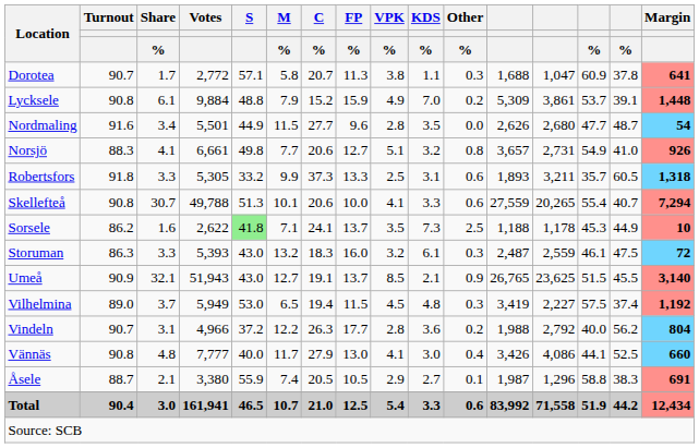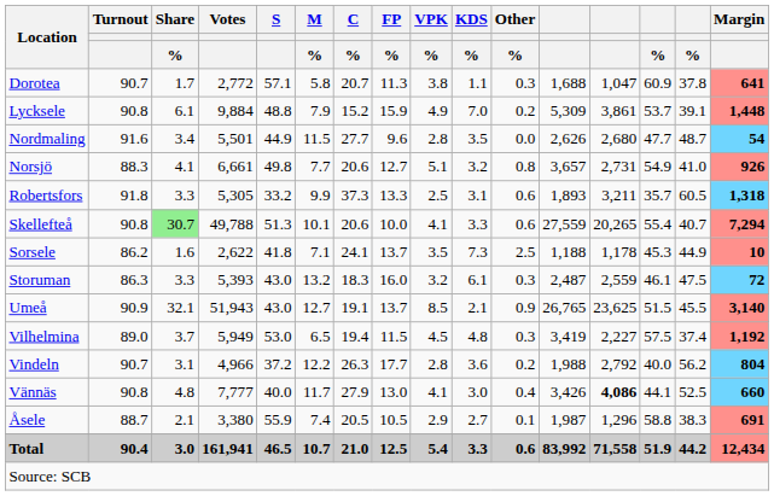 <table class="wikitable sortable" style="text-align:right; font-size:95%; line-height:20px;">
 <tr>
 <th rowspan="3">Location</th>
 <th>Turnout</th>
 <th>Share</th>
 <th>Votes</th>
 <th width="30px" class="unsortable"><a href='#'>S</a></th>
 <th width="30px" class="unsortable"><a href='#'>M</a></th>
 <th width="30px" class="unsortable"><a href='#'>C</a></th>
 <th width="30px" class="unsortable"><a href='#'>FP</a></th>
 <th width="30px" class="unsortable"><a href='#'>VPK</a></th>
 <th width="30px" class="unsortable"><a href='#'>KDS</a></th>
 <th width="30px" class="unsortable">Other</th>
 <th></th>
 <th></th>
 <th></th>
 <th></th>
 <th>Margin</th>
 </tr>
 <tr>
 <th></th>
 <th></th>
 <th></th>
 <th style="background:"></th>
 <th style="background:"></th>
 <th style="background:"></th>
 <th style="background:"></th>
 <th style="background:"></th>
 <th style="background:"></th>
 <th style="background:"></th>
 <th style="background:"></th>
 <th style="background:"></th>
 <th style="background:"></th>
 <th style="background:"></th>
 <th></th>
 </tr>
 <tr>
 <th></th>
 <th data-sort-type="number">%</th>
 <th data-sort-type="number"></th>
 <th></th>
 <th data-sort-type="number">%</th>
 <th data-sort-type="number">%</th>
 <th data-sort-type="number">%</th>
 <th data-sort-type="number">%</th>
 <th data-sort-type="number">%</th>
 <th data-sort-type="number">%</th>
 <th data-sort-type="number"></th>
 <th data-sort-type="number"></th>
 <th data-sort-type="number">%</th>
 <th data-sort-type="number">%</th>
 <th data-sort-type="number"></th>
 </tr>
 <tr>
 <td align=left><a href='#'>Dorotea</a></td>
 <td>90.7</td>
 <td>1.7</td>
 <td>2,772</td>
 <td>57.1</td>
 <td>5.8</td>
 <td>20.7</td>
 <td>11.3</td>
 <td>3.8</td>
 <td>1.1</td>
 <td>0.3</td>
 <td>1,688</td>
 <td>1,047</td>
 <td>60.9</td>
 <td>37.8</td>
 <td bgcolor=#ff908c><strong>641</strong></td>
 </tr>
 <tr>
 <td align=left><a href='#'>Lycksele</a></td>
 <td>90.8</td>
 <td>6.1</td>
 <td>9,884</td>
 <td>48.8</td>
 <td>7.9</td>
 <td>15.2</td>
 <td>15.9</td>
 <td>4.9</td>
 <td>7.0</td>
 <td>0.2</td>
 <td>5,309</td>
 <td>3,861</td>
 <td>53.7</td>
 <td>39.1</td>
 <td bgcolor=#ff908c><strong>1,448</strong></td>
 </tr>
 <tr>
 <td align=left><a href='#'>Nordmaling</a></td>
 <td>91.6</td>
 <td>3.4</td>
 <td>5,501</td>
 <td>44.9</td>
 <td>11.5</td>
 <td>27.7</td>
 <td>9.6</td>
 <td>2.8</td>
 <td>3.5</td>
 <td>0.0</td>
 <td>2,626</td>
 <td>2,680</td>
 <td>47.7</td>
 <td>48.7</td>
 <td bgcolor=#6fd5fe><strong>54</strong></td>
 </tr>
 <tr>
 <td align=left><a href='#'>Norsjö</a></td>
 <td>88.3</td>
 <td>4.1</td>
 <td>6,661</td>
 <td>49.8</td>
 <td>7.7</td>
 <td>20.6</td>
 <td>12.7</td>
 <td>5.1</td>
 <td>3.2</td>
 <td>0.8</td>
 <td>3,657</td>
 <td>2,731</td>
 <td>54.9</td>
 <td>41.0</td>
 <td bgcolor=#ff908c><strong>926</strong></td>
 </tr>
 <tr>
 <td align=left><a href='#'>Robertsfors</a></td>
 <td>91.8</td>
 <td>3.3</td>
 <td>5,305</td>
 <td>33.2</td>
 <td>9.9</td>
 <td>37.3</td>
 <td>13.3</td>
 <td>2.5</td>
 <td>3.1</td>
 <td>0.6</td>
 <td>1,893</td>
 <td>3,211</td>
 <td>35.7</td>
 <td>60.5</td>
 <td bgcolor=#6fd5fe><strong>1,318</strong></td>
 </tr>
 <tr>
 <td align=left><a href='#'>Skellefteå</a></td>
 <td>90.8</td>
-<td>30.7</td>
+<td style="background: lightgreen;">30.7</td>
 <td>49,788</td>
 <td>51.3</td>
 <td>10.1</td>
 <td>20.6</td>
 <td>10.0</td>
 <td>4.1</td>
 <td>3.3</td>
 <td>0.6</td>
 <td>27,559</td>
 <td>20,265</td>
 <td>55.4</td>
 <td>40.7</td>
 <td bgcolor=#ff908c><strong>7,294</strong></td>
 </tr>
 <tr>
 <td align=left><a href='#'>Sorsele</a></td>
 <td>86.2</td>
 <td>1.6</td>
 <td>2,622</td>
-<td style="background: lightgreen;">41.8</td>
+<td>41.8</td>
 <td>7.1</td>
 <td>24.1</td>
 <td>13.7</td>
 <td>3.5</td>
 <td>7.3</td>
 <td>2.5</td>
 <td>1,188</td>
 <td>1,178</td>
 <td>45.3</td>
 <td>44.9</td>
 <td bgcolor=#ff908c><strong>10</strong></td>
 </tr>
 <tr>
 <td align=left><a href='#'>Storuman</a></td>
 <td>86.3</td>
 <td>3.3</td>
 <td>5,393</td>
 <td>43.0</td>
 <td>13.2</td>
 <td>18.3</td>
 <td>16.0</td>
 <td>3.2</td>
 <td>6.1</td>
 <td>0.3</td>
 <td>2,487</td>
 <td>2,559</td>
 <td>46.1</td>
 <td>47.5</td>
 <td bgcolor=#6fd5fe><strong>72</strong></td>
 </tr>
 <tr>
 <td align=left><a href='#'>Umeå</a></td>
 <td>90.9</td>
 <td>32.1</td>
 <td>51,943</td>
 <td>43.0</td>
 <td>12.7</td>
 <td>19.1</td>
 <td>13.7</td>
 <td>8.5</td>
 <td>2.1</td>
 <td>0.9</td>
 <td>26,765</td>
 <td>23,625</td>
 <td>51.5</td>
 <td>45.5</td>
 <td bgcolor=#ff908c><strong>3,140</strong></td>
 </tr>
 <tr>
 <td align=left><a href='#'>Vilhelmina</a></td>
 <td>89.0</td>
 <td>3.7</td>
 <td>5,949</td>
 <td>53.0</td>
 <td>6.5</td>
 <td>19.4</td>
 <td>11.5</td>
 <td>4.5</td>
 <td>4.8</td>
 <td>0.3</td>
 <td>3,419</td>
 <td>2,227</td>
 <td>57.5</td>
 <td>37.4</td>
 <td bgcolor=#ff908c><strong>1,192</strong></td>
 </tr>
 <tr>
 <td align=left><a href='#'>Vindeln</a></td>
 <td>90.7</td>
 <td>3.1</td>
 <td>4,966</td>
 <td>37.2</td>
 <td>12.2</td>
 <td>26.3</td>
 <td>17.7</td>
 <td>2.8</td>
 <td>3.6</td>
 <td>0.2</td>
 <td>1,988</td>
 <td>2,792</td>
 <td>40.0</td>
 <td>56.2</td>
 <td bgcolor=#6fd5fe><strong>804</strong></td>
 </tr>
 <tr>
 <td align=left><a href='#'>Vännäs</a></td>
 <td>90.8</td>
 <td>4.8</td>
 <td>7,777</td>
 <td>40.0</td>
 <td>11.7</td>
 <td>27.9</td>
 <td>13.0</td>
 <td>4.1</td>
 <td>3.0</td>
 <td>0.4</td>
 <td>3,426</td>
-<td>4,086</td>
+<td><strong>4,086</strong></td>
 <td>44.1</td>
 <td>52.5</td>
 <td bgcolor=#6fd5fe><strong>660</strong></td>
 </tr>
 <tr>
 <td align=left><a href='#'>Åsele</a></td>
 <td>88.7</td>
 <td>2.1</td>
 <td>3,380</td>
 <td>55.9</td>
 <td>7.4</td>
 <td>20.5</td>
 <td>10.5</td>
 <td>2.9</td>
 <td>2.7</td>
 <td>0.1</td>
 <td>1,987</td>
 <td>1,296</td>
 <td>58.8</td>
 <td>38.3</td>
 <td bgcolor=#ff908c><strong>691</strong></td>
 </tr>
 <tr>
 </tr>
 <tr style="background:#CDCDCD;">
 <td align=left><strong>Total</strong></td>
 <td><strong>90.4</strong></td>
 <td><strong>3.0</strong></td>
 <td><strong>161,941</strong></td>
 <td><strong>46.5</strong></td>
 <td><strong>10.7</strong></td>
 <td><strong>21.0</strong></td>
 <td><strong>12.5</strong></td>
 <td><strong>5.4</strong></td>
 <td><strong>3.3</strong></td>
 <td><strong>0.6</strong></td>
 <td><strong>83,992</strong></td>
 <td><strong>71,558</strong></td>
 <td><strong>51.9</strong></td>
 <td><strong>44.2</strong></td>
 <td bgcolor=#ff908c><strong>12,434</strong></td>
 </tr>
 <tr>
 <td align=left colspan=16>Source: SCB </td>
 </tr>
 </table>
